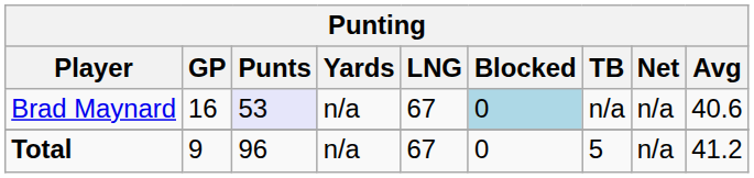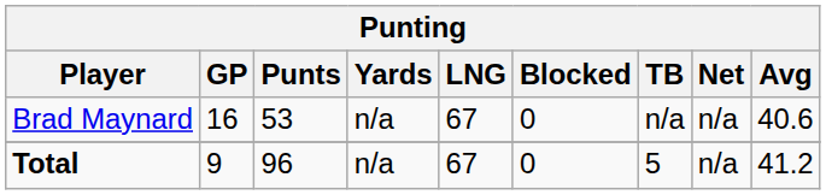 <table class="wikitable">
 <tr>
 <th colspan="9">Punting</th>
 </tr>
 <tr>
 <th>Player</th>
 <th>GP</th>
 <th>Punts</th>
 <th>Yards</th>
 <th>LNG</th>
 <th>Blocked</th>
 <th>TB</th>
 <th>Net</th>
 <th>Avg</th>
 </tr>
 <tr>
 <td><a href='#'>Brad Maynard</a></td>
 <td>16</td>
-<td style="background: lavender;">53</td>
+<td>53</td>
 <td>n/a</td>
 <td>67</td>
-<td style="background: lightblue;">0</td>
+<td>0</td>
 <td>n/a</td>
 <td>n/a</td>
 <td>40.6</td>
 </tr>
 <tr>
 </tr>
 <tr class="sortbottom">
 <td><strong>Total</strong></td>
 <td>9</td>
 <td>96</td>
 <td>n/a</td>
 <td>67</td>
 <td>0</td>
 <td>5</td>
 <td>n/a</td>
 <td>41.2</td>
 </tr>
 </table>
